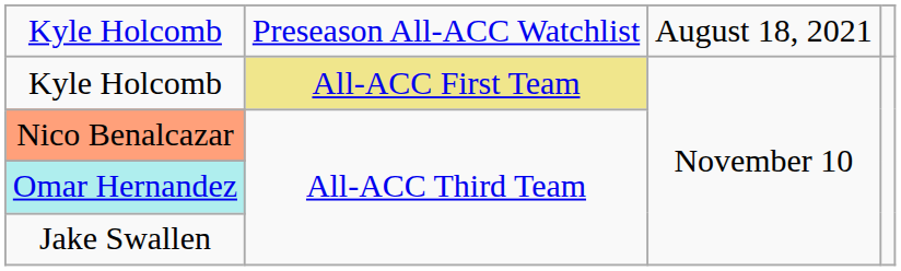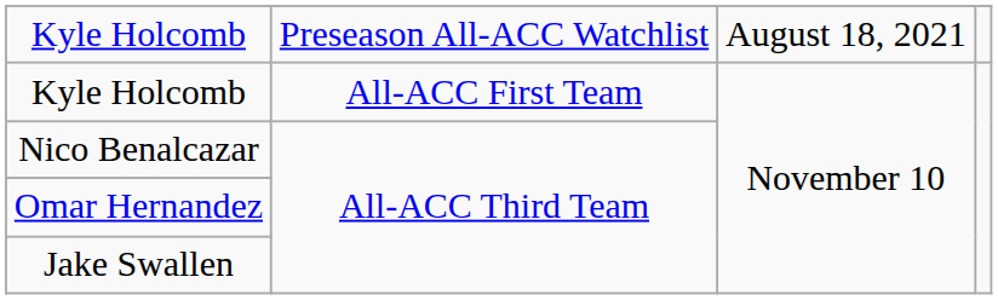 <table class="wikitable sortable" style="text-align: center">
 <tr>
 <td><a href='#'>Kyle Holcomb</a></td>
 <td><a href='#'>Preseason All-ACC Watchlist</a></td>
 <td>August 18, 2021</td>
 <td></td>
 </tr>
 <tr>
 <td>Kyle Holcomb</td>
-<td style="background: khaki;"><a href='#'>All-ACC First Team</a></td>
+<td><a href='#'>All-ACC First Team</a></td>
 <td rowspan=4>November 10</td>
 <td rowspan=4></td>
 </tr>
 <tr>
-<td style="background: lightsalmon;">Nico Benalcazar</td>
+<td>Nico Benalcazar</td>
 <td rowspan=3><a href='#'>All-ACC Third Team</a></td>
 </tr>
 <tr>
-<td style="background: paleturquoise;"><a href='#'>Omar Hernandez</a></td>
+<td><a href='#'>Omar Hernandez</a></td>
 </tr>
 <tr>
 <td>Jake Swallen</td>
 </tr>
 </table>
